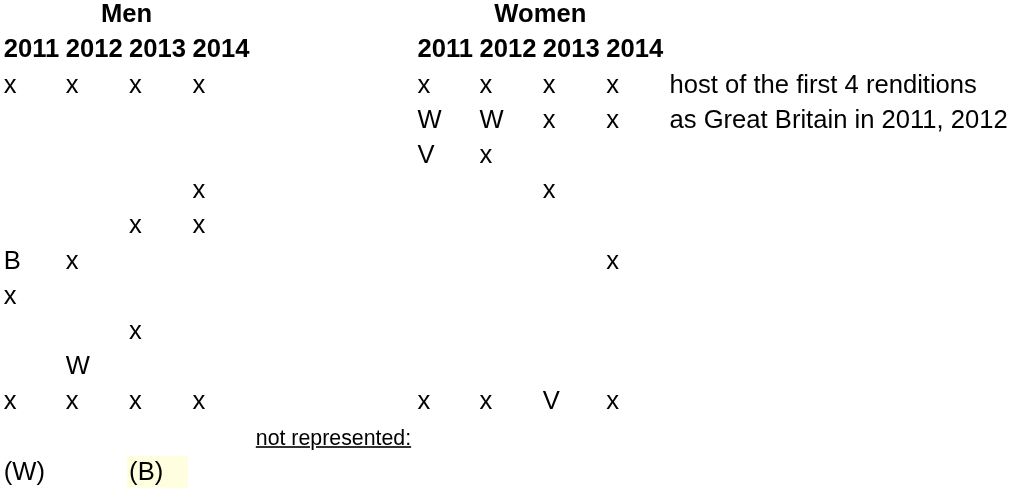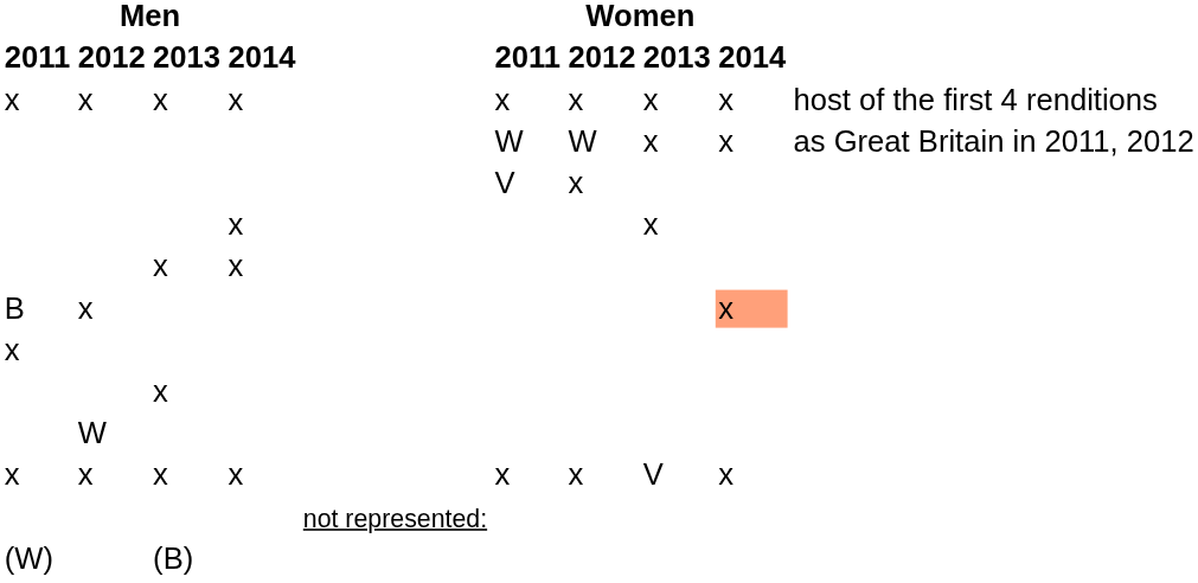 <table>
 <tr>
 <th colspan=4>Men</th>
 <th></th>
 <th colspan=4>Women</th>
 </tr>
 <tr>
 <th>2011</th>
 <th>2012</th>
 <th>2013</th>
 <th>2014</th>
 <th></th>
 <th>2011</th>
 <th>2012</th>
 <th>2013</th>
 <th>2014</th>
 <th></th>
 </tr>
 <tr>
 <td>x</td>
 <td>x</td>
 <td>x</td>
 <td>x</td>
 <td></td>
 <td>x</td>
 <td>x</td>
 <td>x</td>
 <td>x</td>
 <td>host of the first 4 renditions</td>
 </tr>
 <tr>
 <td></td>
 <td></td>
 <td></td>
 <td></td>
 <td></td>
 <td>W</td>
 <td>W</td>
 <td>x</td>
 <td>x</td>
 <td>as Great Britain in 2011, 2012</td>
 </tr>
 <tr>
 <td></td>
 <td></td>
 <td></td>
 <td></td>
 <td></td>
 <td>V</td>
 <td>x</td>
 <td></td>
 <td></td>
 <td></td>
 </tr>
 <tr>
 <td></td>
 <td></td>
 <td></td>
 <td>x</td>
 <td></td>
 <td></td>
 <td></td>
 <td>x</td>
 <td></td>
 <td></td>
 </tr>
 <tr>
 <td></td>
 <td></td>
 <td>x</td>
 <td>x</td>
 <td></td>
 <td></td>
 <td></td>
 <td></td>
 <td></td>
 <td></td>
 </tr>
 <tr>
 <td>B</td>
 <td>x</td>
 <td></td>
 <td></td>
 <td> </td>
 <td></td>
 <td></td>
 <td></td>
-<td>x</td>
+<td style="background: lightsalmon;">x</td>
 </tr>
 <tr>
 <td>x</td>
 <td></td>
 <td></td>
 <td></td>
 <td></td>
 <td></td>
 <td></td>
 <td></td>
 <td></td>
 <td></td>
 </tr>
 <tr>
 <td></td>
 <td></td>
 <td>x</td>
 <td></td>
 <td></td>
 <td></td>
 <td></td>
 <td></td>
 <td></td>
 <td></td>
 </tr>
 <tr>
 <td></td>
 <td>W</td>
 <td></td>
 <td></td>
 <td></td>
 <td></td>
 <td></td>
 <td></td>
 <td></td>
 <td></td>
 </tr>
 <tr>
 <td>x</td>
 <td>x</td>
 <td>x</td>
 <td>x</td>
 <td></td>
 <td>x</td>
 <td>x</td>
 <td>V</td>
 <td>x</td>
 </tr>
 <tr>
 <td colspan=4></td>
 <td><small><u>not represented:</u></small></td>
 <td colspan=5></td>
 </tr>
 <tr>
 <td>(W)</td>
 <td></td>
-<td style="background: lightyellow;">(B)</td>
+<td>(B)</td>
 <td></td>
 <td></td>
 <td></td>
 <td></td>
 <td></td>
 <td></td>
 </tr>
 </table>
